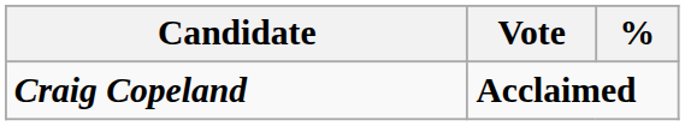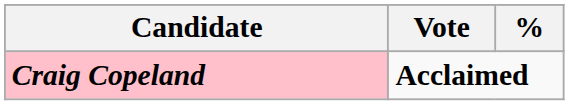 <table class="wikitable">
 <tr>
 <th bgcolor="#DDDDFF" width="200px">Candidate</th>
 <th bgcolor="#DDDDFF" width="50px">Vote</th>
 <th bgcolor="#DDDDFF" width="30px">%</th>
 </tr>
 <tr>
-<td><strong><em>Craig Copeland</em></strong></td>
+<td style="background: pink;"><strong><em>Craig Copeland</em></strong></td>
 <td colspan="2"><strong>Acclaimed</strong></td>
 </tr>
 </table>
